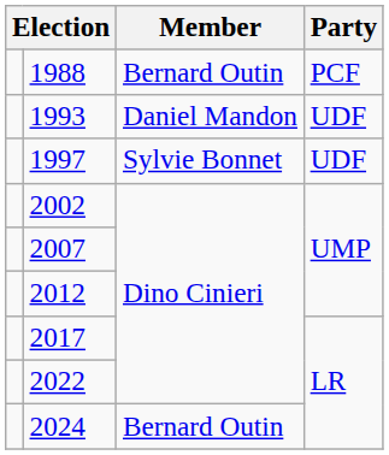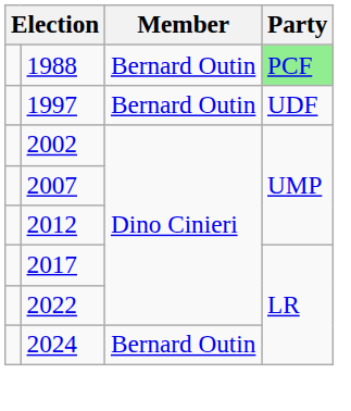 <table class="wikitable">
 <tr>
 <th colspan=2>Election</th>
 <th>Member</th>
 <th>Party</th>
 </tr>
 <tr>
 <td style="background-color: "></td>
 <td><a href='#'>1988</a></td>
 <td><a href='#'>Bernard Outin</a></td>
-<td><a href='#'>PCF</a></td>
-</tr>
-<tr>
-<td style="background-color: "></td>
-<td><a href='#'>1993</a></td>
-<td><a href='#'>Daniel Mandon</a></td>
-<td><a href='#'>UDF</a></td>
+<td style="background: lightgreen;"><a href='#'>PCF</a></td>
 </tr>
 <tr>
 <td style="background-color: "></td>
 <td><a href='#'>1997</a></td>
-<td><a href='#'>Sylvie Bonnet</a></td>
+<td><a href='#'>Bernard Outin</a></td>
 <td><a href='#'>UDF</a></td>
 </tr>
 <tr>
 <td style="background-color: "></td>
 <td><a href='#'>2002</a></td>
 <td rowspan="5"><a href='#'>Dino Cinieri</a></td>
 <td rowspan="3"><a href='#'>UMP</a></td>
 </tr>
 <tr>
 <td style="color:inherit;background-color: "></td>
 <td><a href='#'>2007</a></td>
 </tr>
 <tr>
 <td style="background-color: "></td>
 <td><a href='#'>2012</a></td>
 </tr>
 <tr>
 <td style="color:inherit;background-color: "></td>
 <td><a href='#'>2017</a></td>
 <td rowspan="3"><a href='#'>LR</a></td>
 </tr>
 <tr>
 <td style="color:inherit;background-color: "></td>
 <td><a href='#'>2022</a></td>
 </tr>
 <tr>
 <td style="color:inherit;background-color: "></td>
 <td><a href='#'>2024</a></td>
 <td><a href='#'>Bernard Outin</a></td>
 </tr>
 </table>
